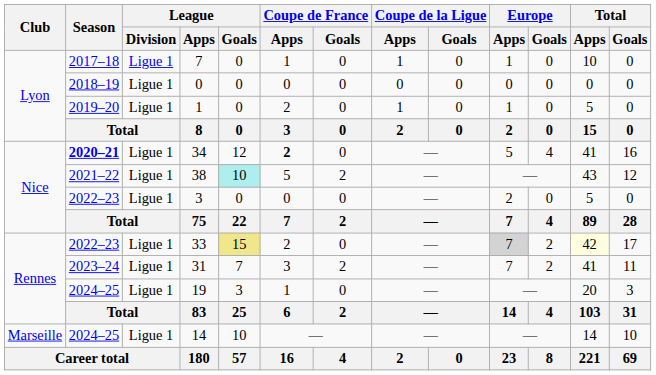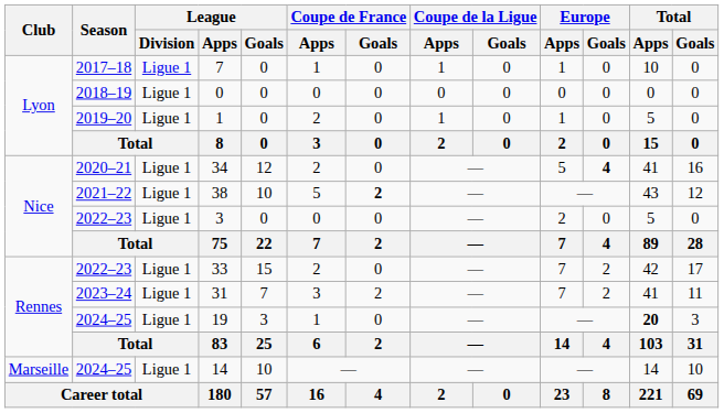 <table class="wikitable" style="text-align:center">
 <tr>
 <th rowspan="2">Club</th>
 <th rowspan="2">Season</th>
 <th colspan="3">League</th>
 <th colspan="2"><a href='#'>Coupe de France</a></th>
 <th colspan="2"><a href='#'>Coupe de la Ligue</a></th>
 <th colspan="2"><a href='#'>Europe</a></th>
 <th colspan="2">Total</th>
 </tr>
 <tr>
 <th>Division</th>
 <th>Apps</th>
 <th>Goals</th>
 <th>Apps</th>
 <th>Goals</th>
 <th>Apps</th>
 <th>Goals</th>
 <th>Apps</th>
 <th>Goals</th>
 <th>Apps</th>
 <th>Goals</th>
 </tr>
 <tr>
 <td rowspan="4"><a href='#'>Lyon</a></td>
 <td><a href='#'>2017–18</a></td>
 <td><a href='#'>Ligue 1</a></td>
 <td>7</td>
 <td>0</td>
 <td>1</td>
 <td>0</td>
 <td>1</td>
 <td>0</td>
 <td>1</td>
 <td>0</td>
 <td>10</td>
 <td>0</td>
 </tr>
 <tr>
 <td><a href='#'>2018–19</a></td>
 <td>Ligue 1</td>
 <td>0</td>
 <td>0</td>
 <td>0</td>
 <td>0</td>
 <td>0</td>
 <td>0</td>
 <td>0</td>
 <td>0</td>
 <td>0</td>
 <td>0</td>
 </tr>
 <tr>
 <td><a href='#'>2019–20</a></td>
 <td>Ligue 1</td>
 <td>1</td>
 <td>0</td>
 <td>2</td>
 <td>0</td>
 <td>1</td>
 <td>0</td>
 <td>1</td>
 <td>0</td>
 <td>5</td>
 <td>0</td>
 </tr>
 <tr>
 <th colspan="2">Total</th>
 <th>8</th>
 <th>0</th>
 <th>3</th>
 <th>0</th>
 <th>2</th>
 <th>0</th>
 <th>2</th>
 <th>0</th>
 <th>15</th>
 <th>0</th>
 </tr>
 <tr>
 <td rowspan="4"><a href='#'>Nice</a></td>
-<td><strong><a href='#'>2020–21</a></strong></td>
+<td><a href='#'>2020–21</a></td>
 <td>Ligue 1</td>
 <td>34</td>
 <td>12</td>
-<td><strong>2</strong></td>
+<td>2</td>
 <td>0</td>
 <td colspan="2">—</td>
 <td>5</td>
-<td>4</td>
+<td><strong>4</strong></td>
 <td>41</td>
 <td>16</td>
 </tr>
 <tr>
 <td><a href='#'>2021–22</a></td>
 <td>Ligue 1</td>
 <td>38</td>
-<td style="background: paleturquoise;">10</td>
+<td>10</td>
 <td>5</td>
-<td>2</td>
+<td><strong>2</strong></td>
 <td colspan="2">—</td>
 <td colspan="2">—</td>
 <td>43</td>
 <td>12</td>
 </tr>
 <tr>
 <td><a href='#'>2022–23</a></td>
 <td>Ligue 1</td>
 <td>3</td>
 <td>0</td>
 <td>0</td>
 <td>0</td>
 <td colspan="2">—</td>
 <td>2</td>
 <td>0</td>
 <td>5</td>
 <td>0</td>
 </tr>
 <tr>
 <th colspan="2">Total</th>
 <th>75</th>
 <th>22</th>
 <th>7</th>
 <th>2</th>
 <th colspan="2">—</th>
 <th>7</th>
 <th>4</th>
 <th>89</th>
 <th>28</th>
 </tr>
 <tr>
 <td rowspan="4"><a href='#'>Rennes</a></td>
 <td><a href='#'>2022–23</a></td>
 <td>Ligue 1</td>
 <td>33</td>
-<td style="background: khaki;">15</td>
+<td>15</td>
 <td>2</td>
 <td>0</td>
 <td colspan="2">—</td>
-<td style="background: lightgrey;">7</td>
+<td>7</td>
 <td>2</td>
-<td style="background: lightyellow;">42</td>
+<td>42</td>
 <td>17</td>
 </tr>
 <tr>
 <td><a href='#'>2023–24</a></td>
 <td>Ligue 1</td>
 <td>31</td>
 <td>7</td>
 <td>3</td>
 <td>2</td>
 <td colspan="2">—</td>
 <td>7</td>
 <td>2</td>
 <td>41</td>
 <td>11</td>
 </tr>
 <tr>
 <td><a href='#'>2024–25</a></td>
 <td>Ligue 1</td>
 <td>19</td>
 <td>3</td>
 <td>1</td>
 <td>0</td>
 <td colspan="2">—</td>
 <td colspan="2">—</td>
-<td>20</td>
+<td><strong>20</strong></td>
 <td>3</td>
 </tr>
 <tr>
 <th colspan="2">Total</th>
 <th>83</th>
 <th>25</th>
 <th>6</th>
 <th>2</th>
 <th colspan="2">—</th>
 <th>14</th>
 <th>4</th>
 <th>103</th>
 <th>31</th>
 </tr>
 <tr>
 <td><a href='#'>Marseille</a></td>
 <td><a href='#'>2024–25</a></td>
 <td>Ligue 1</td>
 <td>14</td>
 <td>10</td>
 <td colspan="2">—</td>
 <td colspan="2">—</td>
 <td colspan="2">—</td>
 <td>14</td>
 <td>10</td>
 </tr>
 <tr>
 <th colspan="3">Career total</th>
 <th>180</th>
 <th>57</th>
 <th>16</th>
 <th>4</th>
 <th>2</th>
 <th>0</th>
 <th>23</th>
 <th>8</th>
 <th>221</th>
 <th>69</th>
 </tr>
 </table>
